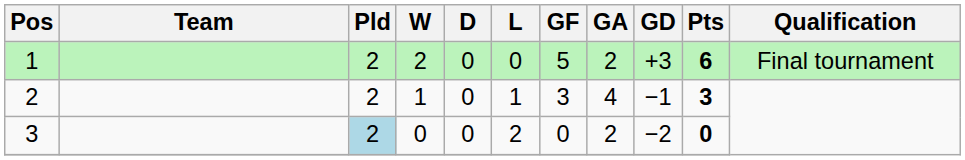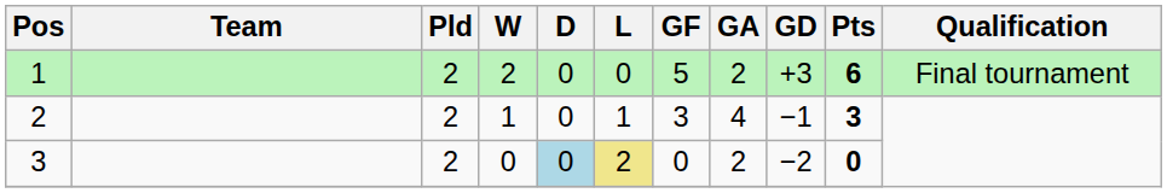 <table class="wikitable" border="1" style="text-align: center;">
 <tr>
 <th width="25"><abbr>Pos</abbr></th>
 <th width="190">Team</th>
 <th width="25"><abbr>Pld</abbr></th>
 <th width="25"><abbr>W</abbr></th>
 <th width="25"><abbr>D</abbr></th>
 <th width="25"><abbr>L</abbr></th>
 <th width="25"><abbr>GF</abbr></th>
 <th width="25"><abbr>GA</abbr></th>
 <th width="25"><abbr>GD</abbr></th>
 <th width="25"><abbr>Pts</abbr></th>
 <th width="150">Qualification</th>
 </tr>
 <tr bgcolor = #BBF3BB>
 <td>1</td>
 <td align="left"></td>
 <td>2</td>
 <td>2</td>
 <td>0</td>
 <td>0</td>
 <td>5</td>
 <td>2</td>
 <td>+3</td>
 <td><strong>6</strong></td>
 <td>Final tournament</td>
 </tr>
 <tr>
 <td>2</td>
 <td align="left"></td>
 <td>2</td>
 <td>1</td>
 <td>0</td>
 <td>1</td>
 <td>3</td>
 <td>4</td>
 <td>−1</td>
 <td><strong>3</strong></td>
 </tr>
 <tr>
 <td>3</td>
 <td align="left"></td>
-<td style="background: lightblue;">2</td>
+<td>2</td>
 <td>0</td>
-<td>0</td>
-<td>2</td>
+<td style="background: lightblue;">0</td>
+<td style="background: khaki;">2</td>
 <td>0</td>
 <td>2</td>
 <td>−2</td>
 <td><strong>0</strong></td>
 </tr>
 <tr>
 </tr>
 </table>
